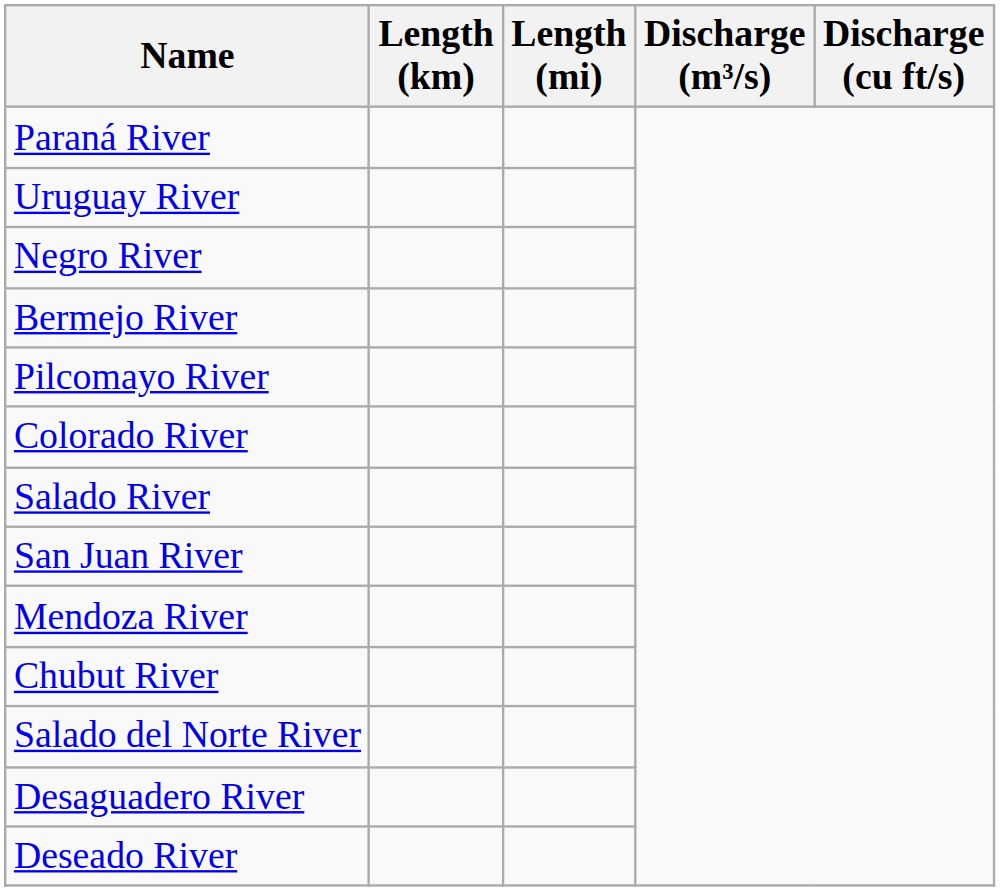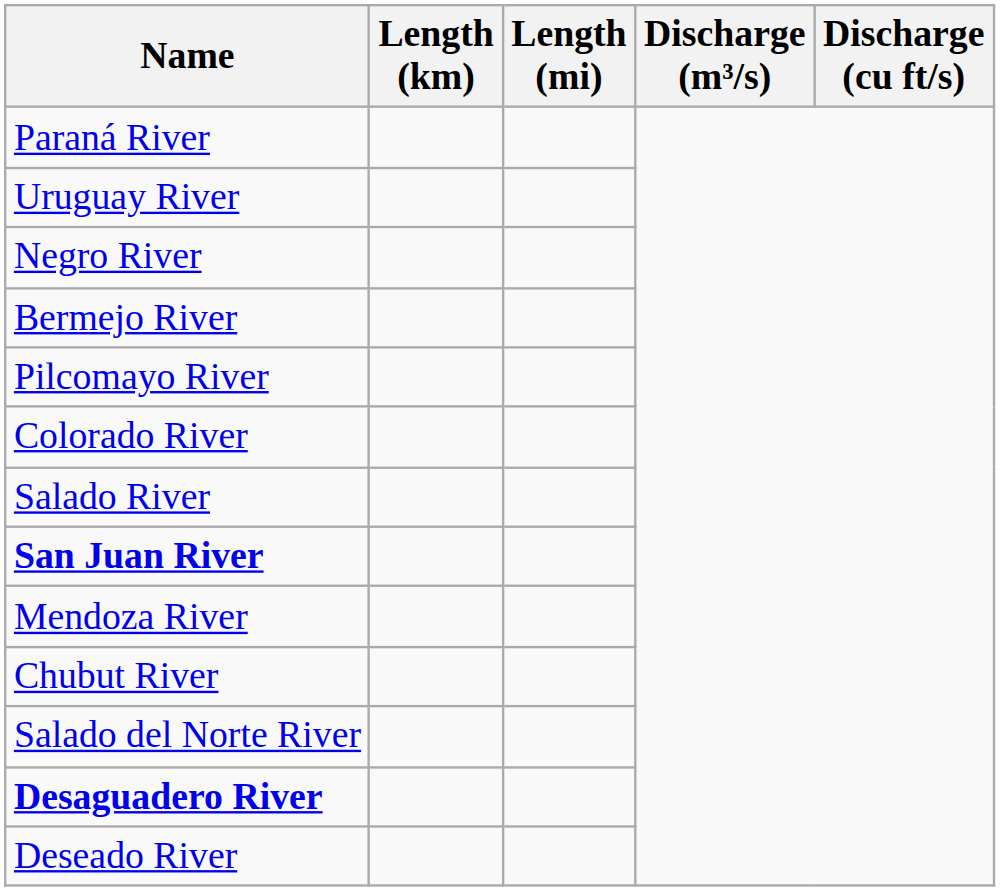 <table class="wikitable sortable">
 <tr>
 <th>Name</th>
 <th>Length<br>(km)</th>
 <th>Length<br>(mi)</th>
 <th>Discharge<br>(m³/s)</th>
 <th>Discharge<br>(cu ft/s)</th>
 </tr>
 <tr>
 <td><a href='#'>Paraná River</a></td>
 <td></td>
 <td></td>
 </tr>
 <tr>
 <td><a href='#'>Uruguay River</a></td>
 <td></td>
 <td></td>
 </tr>
 <tr>
 <td><a href='#'>Negro River</a></td>
 <td></td>
 <td></td>
 </tr>
 <tr>
 <td><a href='#'>Bermejo River</a></td>
 <td></td>
 <td></td>
 </tr>
 <tr>
 <td><a href='#'>Pilcomayo River</a></td>
 <td></td>
 <td></td>
 </tr>
 <tr>
 <td><a href='#'>Colorado River</a></td>
 <td></td>
 <td></td>
 </tr>
 <tr>
 <td><a href='#'>Salado River</a></td>
 <td></td>
 <td></td>
 </tr>
 <tr>
-<td><a href='#'>San Juan River</a></td>
+<td><strong><a href='#'>San Juan River</a></strong></td>
 <td></td>
 <td></td>
 </tr>
 <tr>
 <td><a href='#'>Mendoza River</a></td>
 <td></td>
 <td></td>
 </tr>
 <tr>
 <td><a href='#'>Chubut River</a></td>
 <td></td>
 <td></td>
 </tr>
 <tr>
 <td><a href='#'>Salado del Norte River</a></td>
 <td></td>
 <td></td>
 </tr>
 <tr>
-<td><a href='#'>Desaguadero River</a></td>
+<td><strong><a href='#'>Desaguadero River</a></strong></td>
 <td></td>
 <td></td>
 </tr>
 <tr>
 <td><a href='#'>Deseado River</a></td>
 <td></td>
 <td></td>
 </tr>
 </table>
